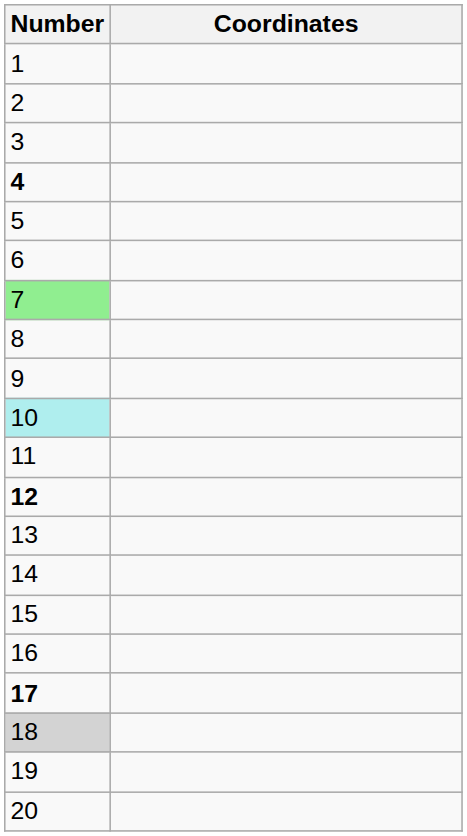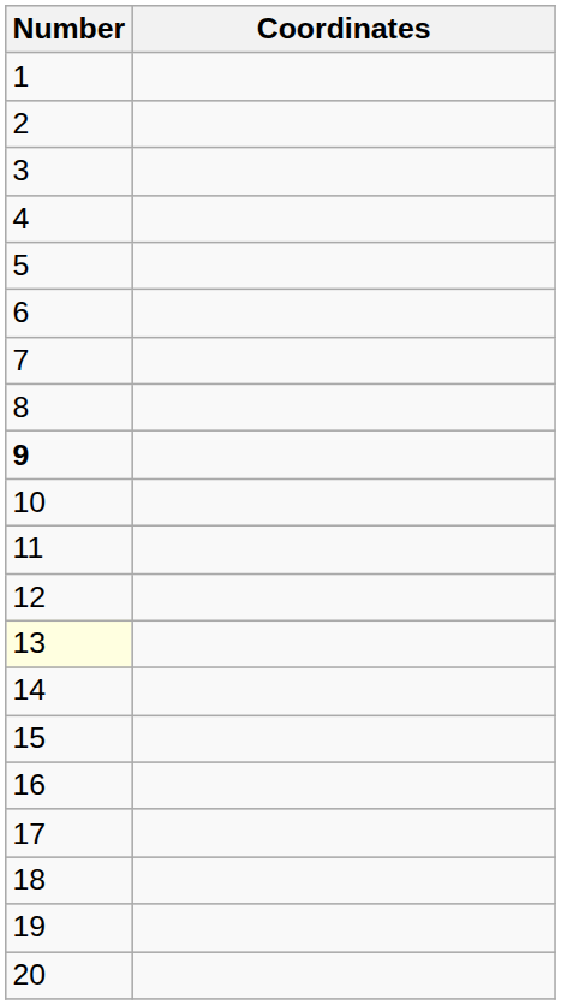 <table class="wikitable sortable">
 <tr>
 <th>Number</th>
 <th width="220">Coordinates</th>
 </tr>
 <tr>
 <td>1</td>
 <td></td>
 </tr>
 <tr>
 <td>2</td>
 <td></td>
 </tr>
 <tr>
 <td>3</td>
 <td></td>
 </tr>
 <tr>
-<td><strong>4</strong></td>
+<td>4</td>
 <td></td>
 </tr>
 <tr>
 <td>5</td>
 <td></td>
 </tr>
 <tr>
 <td>6</td>
 <td></td>
 </tr>
 <tr>
-<td style="background: lightgreen;">7</td>
+<td>7</td>
 <td></td>
 </tr>
 <tr>
 <td>8</td>
 <td></td>
 </tr>
 <tr>
-<td>9</td>
+<td><strong>9</strong></td>
 <td></td>
 </tr>
 <tr>
-<td style="background: paleturquoise;">10</td>
+<td>10</td>
 <td></td>
 </tr>
 <tr>
 <td>11</td>
 <td></td>
 </tr>
 <tr>
-<td><strong>12</strong></td>
+<td>12</td>
 <td></td>
 </tr>
 <tr>
-<td>13</td>
+<td style="background: lightyellow;">13</td>
 <td></td>
 </tr>
 <tr>
 <td>14</td>
 <td></td>
 </tr>
 <tr>
 <td>15</td>
 <td></td>
 </tr>
 <tr>
 <td>16</td>
 <td></td>
 </tr>
 <tr>
-<td><strong>17</strong></td>
+<td>17</td>
 <td></td>
 </tr>
 <tr>
-<td style="background: lightgrey;">18</td>
+<td>18</td>
 <td></td>
 </tr>
 <tr>
 <td>19</td>
 <td></td>
 </tr>
 <tr>
 <td>20</td>
 <td></td>
 </tr>
 </table>
